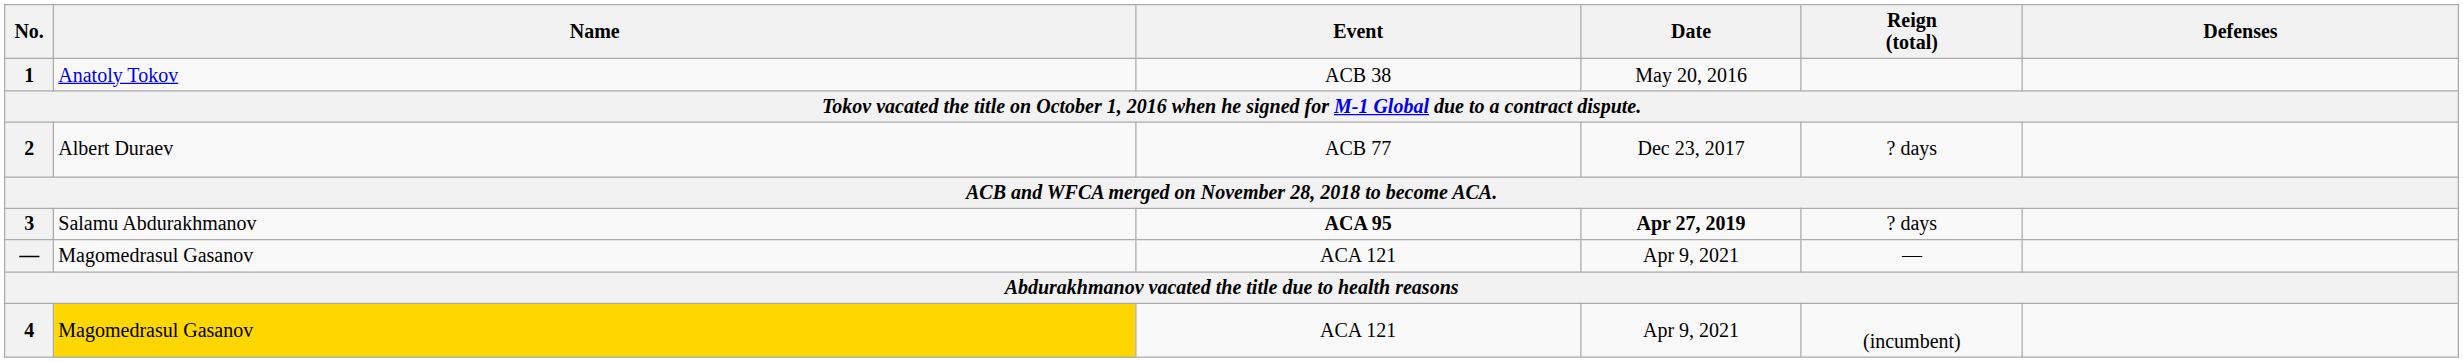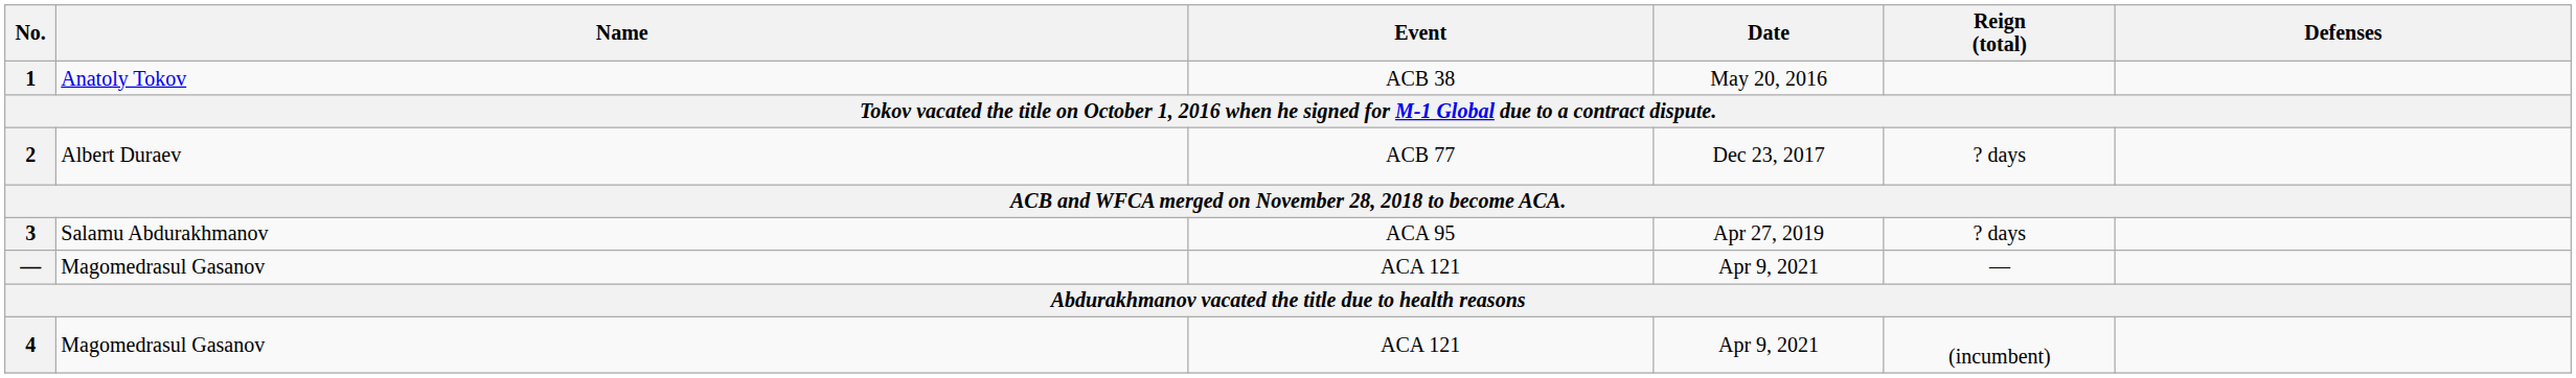 <table class="wikitable" style="width:99%;">
 <tr>
 <th style="width:2%;">No.</th>
 <th>Name</th>
 <th>Event</th>
 <th style="width:9%;">Date</th>
 <th style="width:9%;">Reign<br>(total)</th>
 <th>Defenses</th>
 </tr>
 <tr>
 <th>1</th>
 <td align=left> <a href='#'>Anatoly Tokov</a> <br></td>
 <td align=center>ACB 38<br></td>
 <td align=center>May 20, 2016</td>
 <td align=center></td>
 <td></td>
 </tr>
 <tr>
 <th style="text-align:center;" colspan="6"><em>Tokov vacated the title on October 1, 2016 when he signed for <a href='#'>M-1 Global</a> due to a contract dispute.</em></th>
 </tr>
 <tr>
 <th>2</th>
 <td align=left> Albert Duraev<br></td>
 <td align=center>ACB 77<br></td>
 <td align=center>Dec 23, 2017</td>
 <td align=center>? days</td>
 <td><br><br></td>
 </tr>
 <tr>
 <th style="text-align:center;" colspan="6"><em>ACB and WFCA merged on November 28, 2018 to become ACA.</em></th>
 </tr>
 <tr>
 <th>3</th>
 <td align=left> Salamu Abdurakhmanov <br></td>
-<td align=center><strong>ACA 95<br></strong></td>
-<td align=center><strong>Apr 27, 2019</strong></td>
+<td align=center>ACA 95<br></td>
+<td align=center>Apr 27, 2019</td>
 <td align=center>? days</td>
 <td><br></td>
 </tr>
 <tr>
 <th>—</th>
 <td align=left> Magomedrasul Gasanov<br></td>
 <td align=center>ACA 121<br></td>
 <td align=center>Apr 9, 2021</td>
 <td align=center>—</td>
 <td></td>
 </tr>
 <tr>
 <th style="text-align:center;" colspan="6"><em>Abdurakhmanov vacated the title due to health reasons</em></th>
 </tr>
 <tr>
 <th>4</th>
-<td align=left style="background: gold;"> Magomedrasul Gasanov <br></td>
+<td align=left> Magomedrasul Gasanov <br></td>
 <td align=center>ACA 121<br></td>
 <td align=center>Apr 9, 2021</td>
 <td align=center><br>(incumbent)<br></td>
 <td><br><br> </td>
 </tr>
 </table>
